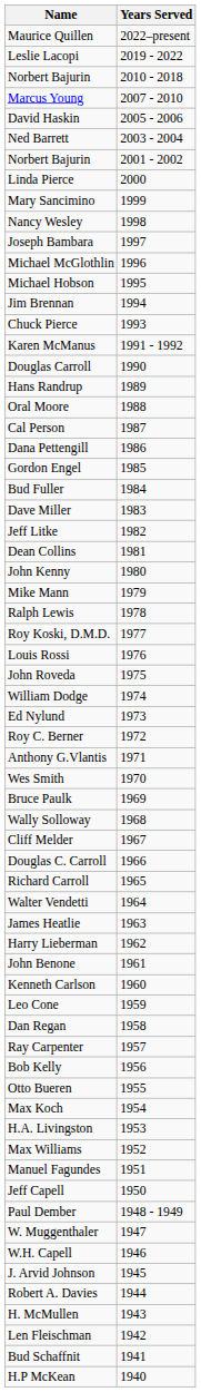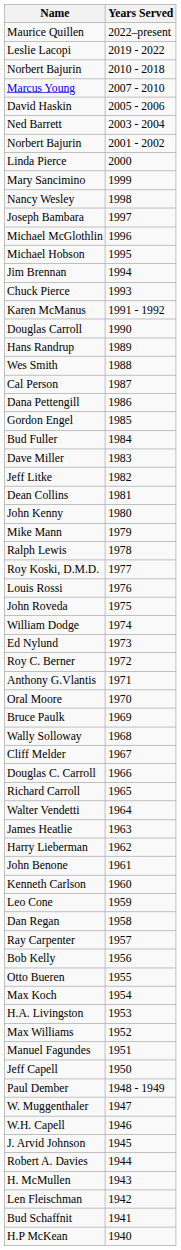 <table class="wikitable">
 <tr>
 <th>Name</th>
 <th>Years Served</th>
 </tr>
 <tr>
 <td>Maurice Quillen</td>
 <td>2022–present</td>
 </tr>
 <tr>
 <td>Leslie Lacopi</td>
 <td>2019 - 2022</td>
 </tr>
 <tr>
 <td>Norbert Bajurin</td>
 <td>2010 - 2018</td>
 </tr>
 <tr>
 <td><a href='#'>Marcus Young</a></td>
 <td>2007 - 2010</td>
 </tr>
 <tr>
 <td>David Haskin</td>
 <td>2005 - 2006</td>
 </tr>
 <tr>
 <td>Ned Barrett</td>
 <td>2003 - 2004</td>
 </tr>
 <tr>
 <td>Norbert Bajurin</td>
 <td>2001 - 2002</td>
 </tr>
 <tr>
 <td>Linda Pierce</td>
 <td>2000</td>
 </tr>
 <tr>
 <td>Mary Sancimino</td>
 <td>1999</td>
 </tr>
 <tr>
 <td>Nancy Wesley</td>
 <td>1998</td>
 </tr>
 <tr>
 <td>Joseph Bambara</td>
 <td>1997</td>
 </tr>
 <tr>
 <td>Michael McGlothlin</td>
 <td>1996</td>
 </tr>
 <tr>
 <td>Michael Hobson</td>
 <td>1995</td>
 </tr>
 <tr>
 <td>Jim Brennan</td>
 <td>1994</td>
 </tr>
 <tr>
 <td>Chuck Pierce</td>
 <td>1993</td>
 </tr>
 <tr>
 <td>Karen McManus</td>
 <td>1991 - 1992</td>
 </tr>
 <tr>
 <td>Douglas Carroll</td>
 <td>1990</td>
 </tr>
 <tr>
 <td>Hans Randrup</td>
 <td>1989</td>
 </tr>
 <tr>
-<td>Oral Moore</td>
+<td>Wes Smith</td>
 <td>1988</td>
 </tr>
 <tr>
 <td>Cal Person</td>
 <td>1987</td>
 </tr>
 <tr>
 <td>Dana Pettengill</td>
 <td>1986</td>
 </tr>
 <tr>
 <td>Gordon Engel</td>
 <td>1985</td>
 </tr>
 <tr>
 <td>Bud Fuller</td>
 <td>1984</td>
 </tr>
 <tr>
 <td>Dave Miller</td>
 <td>1983</td>
 </tr>
 <tr>
 <td>Jeff Litke</td>
 <td>1982</td>
 </tr>
 <tr>
 <td>Dean Collins</td>
 <td>1981</td>
 </tr>
 <tr>
 <td>John Kenny</td>
 <td>1980</td>
 </tr>
 <tr>
 <td>Mike Mann</td>
 <td>1979</td>
 </tr>
 <tr>
 <td>Ralph Lewis</td>
 <td>1978</td>
 </tr>
 <tr>
 <td>Roy Koski, D.M.D.</td>
 <td>1977</td>
 </tr>
 <tr>
 <td>Louis Rossi</td>
 <td>1976</td>
 </tr>
 <tr>
 <td>John Roveda</td>
 <td>1975</td>
 </tr>
 <tr>
 <td>William Dodge</td>
 <td>1974</td>
 </tr>
 <tr>
 <td>Ed Nylund</td>
 <td>1973</td>
 </tr>
 <tr>
 <td>Roy C. Berner</td>
 <td>1972</td>
 </tr>
 <tr>
 <td>Anthony G.Vlantis</td>
 <td>1971</td>
 </tr>
 <tr>
-<td>Wes Smith</td>
+<td>Oral Moore</td>
 <td>1970</td>
 </tr>
 <tr>
 <td>Bruce Paulk</td>
 <td>1969</td>
 </tr>
 <tr>
 <td>Wally Solloway</td>
 <td>1968</td>
 </tr>
 <tr>
 <td>Cliff Melder</td>
 <td>1967</td>
 </tr>
 <tr>
 <td>Douglas C. Carroll</td>
 <td>1966</td>
 </tr>
 <tr>
 <td>Richard Carroll</td>
 <td>1965</td>
 </tr>
 <tr>
 <td>Walter Vendetti</td>
 <td>1964</td>
 </tr>
 <tr>
 <td>James Heatlie</td>
 <td>1963</td>
 </tr>
 <tr>
 <td>Harry Lieberman</td>
 <td>1962</td>
 </tr>
 <tr>
 <td>John Benone</td>
 <td>1961</td>
 </tr>
 <tr>
 <td>Kenneth Carlson</td>
 <td>1960</td>
 </tr>
 <tr>
 <td>Leo Cone</td>
 <td>1959</td>
 </tr>
 <tr>
 <td>Dan Regan</td>
 <td>1958</td>
 </tr>
 <tr>
 <td>Ray Carpenter</td>
 <td>1957</td>
 </tr>
 <tr>
 <td>Bob Kelly</td>
 <td>1956</td>
 </tr>
 <tr>
 <td>Otto Bueren</td>
 <td>1955</td>
 </tr>
 <tr>
 <td>Max Koch</td>
 <td>1954</td>
 </tr>
 <tr>
 <td>H.A. Livingston</td>
 <td>1953</td>
 </tr>
 <tr>
 <td>Max Williams</td>
 <td>1952</td>
 </tr>
 <tr>
 <td>Manuel Fagundes</td>
 <td>1951</td>
 </tr>
 <tr>
 <td>Jeff Capell</td>
 <td>1950</td>
 </tr>
 <tr>
 <td>Paul Dember</td>
 <td>1948 - 1949</td>
 </tr>
 <tr>
 <td>W. Muggenthaler</td>
 <td>1947</td>
 </tr>
 <tr>
 <td>W.H. Capell</td>
 <td>1946</td>
 </tr>
 <tr>
 <td>J. Arvid Johnson</td>
 <td>1945</td>
 </tr>
 <tr>
 <td>Robert A. Davies</td>
 <td>1944</td>
 </tr>
 <tr>
 <td>H. McMullen</td>
 <td>1943</td>
 </tr>
 <tr>
 <td>Len Fleischman</td>
 <td>1942</td>
 </tr>
 <tr>
 <td>Bud Schaffnit</td>
 <td>1941</td>
 </tr>
 <tr>
 <td>H.P McKean</td>
 <td>1940</td>
 </tr>
 </table>
